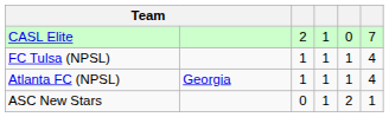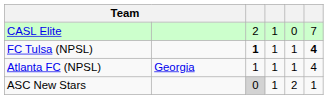 <table class="wikitable" style="text-align: center">
 <tr>
 <th colspan="2">Team</th>
 <th style="width:20px;"></th>
 <th style="width:20px;"></th>
 <th style="width:20px;"></th>
 <th style="width:20px;"></th>
 </tr>
 <tr style="background:#cfc;">
 <td style="text-align:left; width:200px;"><a href='#'>CASL Elite</a></td>
 <td style="text-align:left; width:125px;"></td>
 <td>2</td>
 <td>1</td>
 <td>0</td>
 <td>7</td>
 </tr>
 <tr>
 <td align="left"><a href='#'>FC Tulsa</a> (NPSL)</td>
 <td align="left"></td>
+<td><strong>1</strong></td>
 <td>1</td>
 <td>1</td>
-<td>1</td>
-<td>4</td>
+<td><strong>4</strong></td>
 </tr>
 <tr>
 <td align="left"><a href='#'>Atlanta FC</a> (NPSL)</td>
 <td align="left"> <a href='#'>Georgia</a></td>
 <td>1</td>
 <td>1</td>
 <td>1</td>
 <td>4</td>
 </tr>
 <tr>
 <td align="left">ASC New Stars</td>
 <td align="left"></td>
-<td>0</td>
+<td style="background: lightgrey;">0</td>
 <td>1</td>
 <td>2</td>
 <td>1</td>
 </tr>
 </table>
